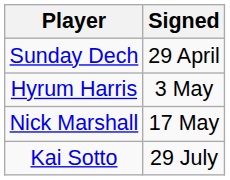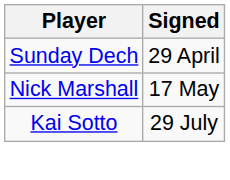 <table class="wikitable sortable sortable" style="text-align: center">
 <tr>
 <th>Player</th>
 <th>Signed</th>
 </tr>
 <tr>
 <td><a href='#'>Sunday Dech</a></td>
 <td>29 April</td>
 </tr>
 <tr>
-<td><a href='#'>Hyrum Harris</a></td>
-<td>3 May</td>
-</tr>
-<tr>
 <td><a href='#'>Nick Marshall</a></td>
 <td>17 May</td>
 </tr>
 <tr>
 <td><a href='#'>Kai Sotto</a></td>
 <td>29 July</td>
 </tr>
 </table>
